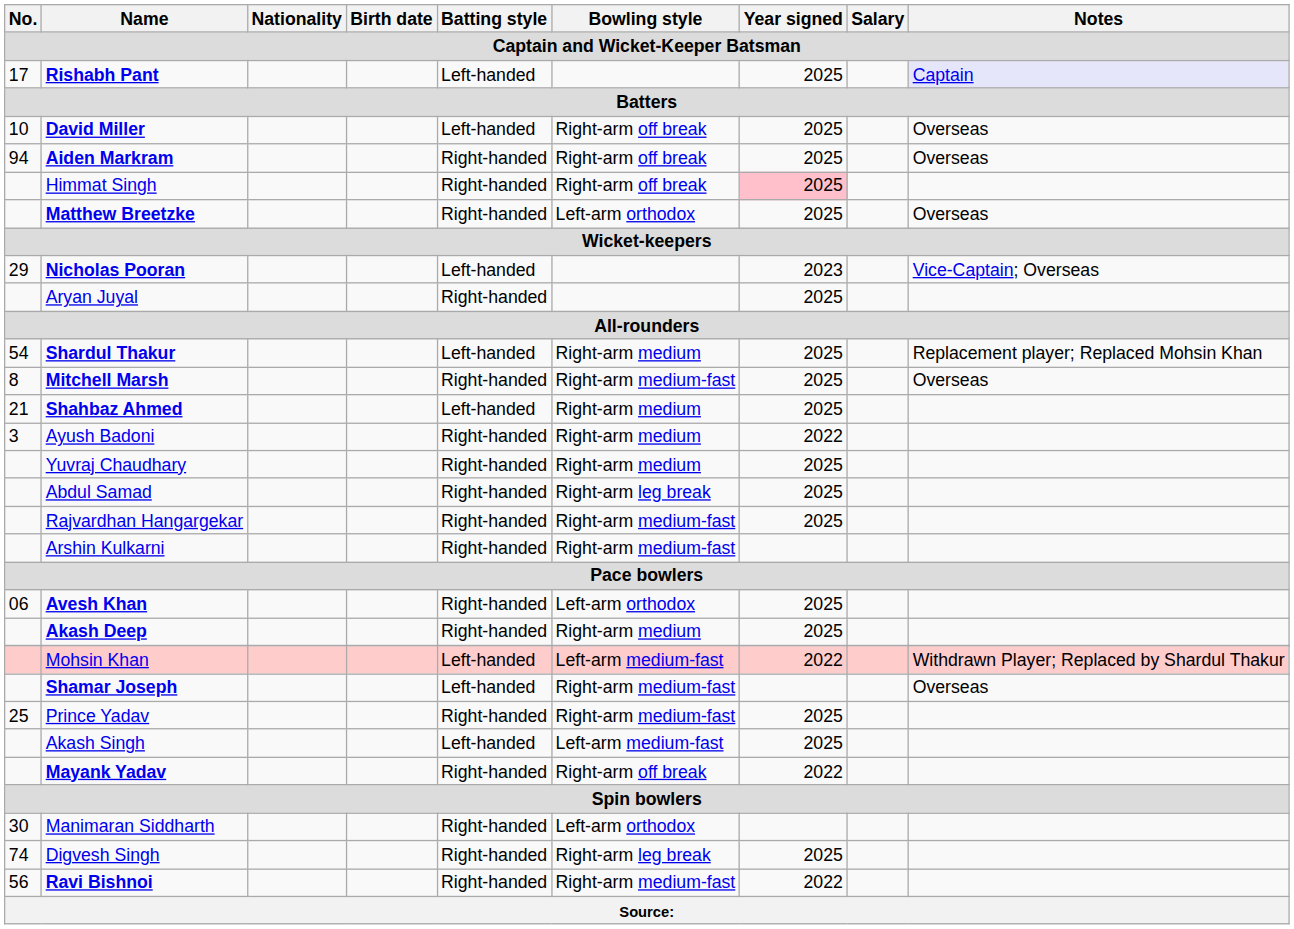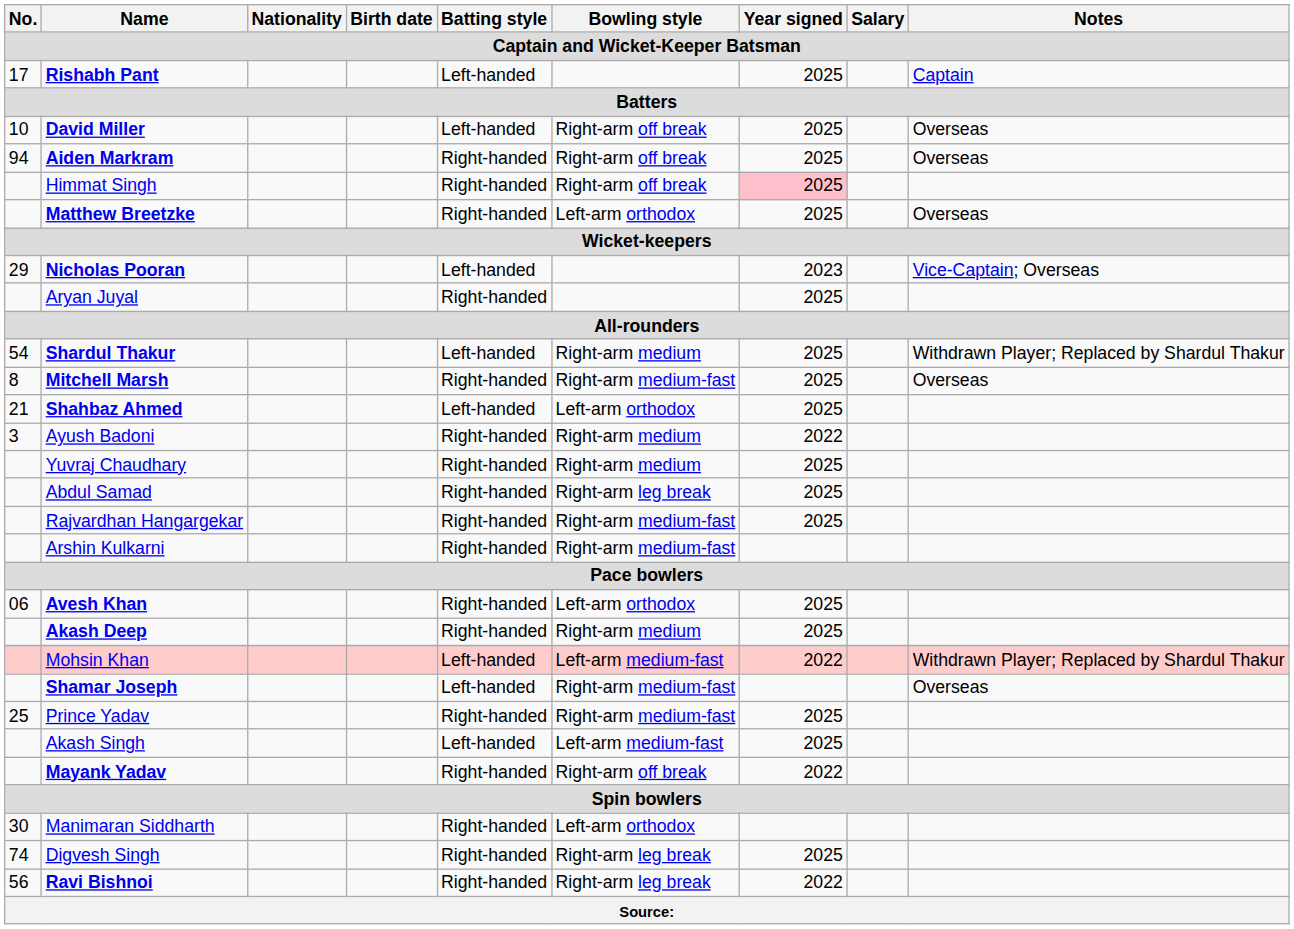 <table class="wikitable"  style="font-size:85%;">
 <tr>
 <th style="background:; color:; text-align:center;">No.</th>
 <th style="background:; color:; text-align:center;">Name</th>
 <th style="background:; color:; text-align:center;">Nationality</th>
 <th style="background:; color:; text-align:center;">Birth date</th>
 <th style="background:; color:; text-align:center;">Batting style</th>
 <th style="background:; color:; text-align:center;">Bowling style</th>
 <th style="background:; color:; text-align:center;">Year signed</th>
 <th style="background:; color:; text-align:center;">Salary</th>
 <th style="background:; color:; text-align:center;">Notes</th>
 </tr>
 <tr>
 <th colspan="9"  style="background:#dcdcdc; text-align:center;">Captain and Wicket-Keeper Batsman</th>
 </tr>
 <tr>
 <td>17</td>
 <td><strong><a href='#'>Rishabh Pant</a></strong></td>
 <td></td>
 <td></td>
 <td>Left-handed</td>
 <td></td>
 <td style="text-align:right;">2025</td>
 <td style="text-align:right;"></td>
-<td style="background: lavender;"><a href='#'>Captain</a></td>
+<td><a href='#'>Captain</a></td>
 </tr>
 <tr>
 <th colspan="9"  style="background:#dcdcdc; text-align:center;">Batters</th>
 </tr>
 <tr>
 <td>10</td>
 <td><strong><a href='#'>David Miller</a></strong></td>
 <td></td>
 <td></td>
 <td>Left-handed</td>
 <td>Right-arm <a href='#'>off break</a></td>
 <td style="text-align:right;">2025</td>
 <td style="text-align:right;"></td>
 <td>Overseas</td>
 </tr>
 <tr>
 <td>94</td>
 <td><strong><a href='#'>Aiden Markram</a></strong></td>
 <td></td>
 <td></td>
 <td>Right-handed</td>
 <td>Right-arm <a href='#'>off break</a></td>
 <td style="text-align:right;">2025</td>
 <td style="text-align:right;"></td>
 <td>Overseas</td>
 </tr>
 <tr>
 <td></td>
 <td><a href='#'>Himmat Singh</a></td>
 <td></td>
 <td></td>
 <td>Right-handed</td>
 <td>Right-arm <a href='#'>off break</a></td>
 <td style="background: pink; text-align:right;">2025</td>
 <td style="text-align:right;"></td>
 <td></td>
 </tr>
 <tr>
 <td></td>
 <td><strong><a href='#'>Matthew Breetzke</a></strong></td>
 <td></td>
 <td></td>
 <td>Right-handed</td>
 <td>Left-arm <a href='#'>orthodox</a></td>
 <td style="text-align:right;">2025</td>
 <td style="text-align:right;"></td>
 <td>Overseas</td>
 </tr>
 <tr>
 <th colspan="9" style="background:#dcdcdc; text-align:center">Wicket-keepers</th>
 </tr>
 <tr>
 <td>29</td>
 <td><strong><a href='#'>Nicholas Pooran</a></strong></td>
 <td></td>
 <td></td>
 <td>Left-handed</td>
 <td></td>
 <td style="text-align:right;">2023</td>
 <td style="text-align:right;"></td>
 <td><a href='#'>Vice-Captain</a>; Overseas</td>
 </tr>
 <tr>
 <td></td>
 <td><a href='#'>Aryan Juyal</a></td>
 <td></td>
 <td></td>
 <td>Right-handed</td>
 <td></td>
 <td style="text-align:right;">2025</td>
 <td style="text-align:right;"></td>
 <td></td>
 </tr>
 <tr>
 <th colspan="9" style="background:#dcdcdc; text-align:center">All-rounders</th>
 </tr>
 <tr>
 <td>54</td>
 <td><strong><a href='#'>Shardul Thakur</a></strong></td>
 <td></td>
 <td></td>
 <td>Left-handed</td>
 <td>Right-arm <a href='#'>medium</a></td>
 <td style="text-align:right;">2025</td>
 <td style="text-align:right;"></td>
-<td>Replacement player; Replaced Mohsin Khan</td>
+<td>Withdrawn Player; Replaced by Shardul Thakur</td>
 </tr>
 <tr>
 <td>8</td>
 <td><strong><a href='#'>Mitchell Marsh</a></strong></td>
 <td></td>
 <td></td>
 <td>Right-handed</td>
 <td>Right-arm <a href='#'>medium-fast</a></td>
 <td style="text-align:right;">2025</td>
 <td style="text-align:right;"></td>
 <td>Overseas</td>
 </tr>
 <tr>
 <td>21</td>
 <td><strong><a href='#'>Shahbaz Ahmed</a></strong></td>
 <td></td>
 <td></td>
 <td>Left-handed</td>
-<td>Right-arm <a href='#'>medium</a></td>
+<td>Left-arm <a href='#'>orthodox</a></td>
 <td style="text-align:right;">2025</td>
 <td style="text-align:right;"></td>
 <td></td>
 </tr>
 <tr>
 <td>3</td>
 <td><a href='#'>Ayush Badoni</a></td>
 <td></td>
 <td></td>
 <td>Right-handed</td>
 <td>Right-arm <a href='#'>medium</a></td>
 <td style="text-align:right;">2022</td>
 <td style="text-align:right;"></td>
 <td></td>
 </tr>
 <tr>
 <td></td>
 <td><a href='#'>Yuvraj Chaudhary</a></td>
 <td></td>
 <td></td>
 <td>Right-handed</td>
 <td>Right-arm <a href='#'>medium</a></td>
 <td style="text-align:right;">2025</td>
 <td style="text-align:right;"></td>
 <td></td>
 </tr>
 <tr>
 <td></td>
 <td><a href='#'>Abdul Samad</a></td>
 <td></td>
 <td></td>
 <td>Right-handed</td>
 <td>Right-arm <a href='#'>leg break</a></td>
 <td style="text-align:right;">2025</td>
 <td style="text-align:right;"></td>
 <td></td>
 </tr>
 <tr>
 <td></td>
 <td><a href='#'>Rajvardhan Hangargekar</a></td>
 <td></td>
 <td></td>
 <td>Right-handed</td>
 <td>Right-arm <a href='#'>medium-fast</a></td>
 <td style="text-align:right;">2025</td>
 <td style="text-align:right;"></td>
 <td></td>
 </tr>
 <tr>
 <td></td>
 <td><a href='#'>Arshin Kulkarni</a></td>
 <td></td>
 <td></td>
 <td>Right-handed</td>
 <td>Right-arm <a href='#'>medium-fast</a></td>
 <td style="text-align:right;"></td>
 <td style="text-align:right;"></td>
 <td></td>
 </tr>
 <tr>
 <th colspan="9"  style="background:#dcdcdc; text-align:center;">Pace bowlers</th>
 </tr>
 <tr>
 <td>06</td>
 <td><strong><a href='#'>Avesh Khan</a></strong></td>
 <td></td>
 <td></td>
 <td>Right-handed</td>
 <td>Left-arm <a href='#'>orthodox</a></td>
 <td style="text-align:right;">2025</td>
 <td style="text-align:right;"></td>
 <td></td>
 </tr>
 <tr>
 <td></td>
 <td><strong><a href='#'>Akash Deep</a></strong></td>
 <td></td>
 <td></td>
 <td>Right-handed</td>
 <td>Right-arm <a href='#'>medium</a></td>
 <td style="text-align:right;">2025</td>
 <td style="text-align:right;"></td>
 <td></td>
 </tr>
 <tr>
 </tr>
 <tr style="background:#FFCCCC">
 <td></td>
 <td><a href='#'>Mohsin Khan</a></td>
 <td></td>
 <td></td>
 <td>Left-handed</td>
 <td>Left-arm <a href='#'>medium-fast</a></td>
 <td style="text-align:right;">2022</td>
 <td style="text-align:right;"></td>
 <td>Withdrawn Player; Replaced by Shardul Thakur</td>
 </tr>
 <tr>
 <td></td>
 <td><strong><a href='#'>Shamar Joseph</a></strong></td>
 <td></td>
 <td></td>
 <td>Left-handed</td>
 <td>Right-arm <a href='#'>medium-fast</a></td>
 <td style="text-align:right;"></td>
 <td style="text-align:right;"></td>
 <td>Overseas</td>
 </tr>
 <tr>
 <td>25</td>
 <td><a href='#'>Prince Yadav</a></td>
 <td></td>
 <td></td>
 <td>Right-handed</td>
 <td>Right-arm <a href='#'>medium-fast</a></td>
 <td style="text-align:right;">2025</td>
 <td style="text-align:right;"></td>
 <td></td>
 </tr>
 <tr>
 <td></td>
 <td><a href='#'>Akash Singh</a></td>
 <td></td>
 <td></td>
 <td>Left-handed</td>
 <td>Left-arm <a href='#'>medium-fast</a></td>
 <td style="text-align:right;">2025</td>
 <td style="text-align:right;"></td>
 <td></td>
 </tr>
 <tr>
 <td></td>
 <td><strong><a href='#'>Mayank Yadav</a></strong></td>
 <td></td>
 <td></td>
 <td>Right-handed</td>
 <td>Right-arm <a href='#'>off break</a></td>
 <td style="text-align:right;">2022</td>
 <td style="text-align:right;"></td>
 <td></td>
 </tr>
 <tr>
 <th colspan="9"  style="background:#dcdcdc; text-align:center;">Spin bowlers</th>
 </tr>
 <tr>
 <td>30</td>
 <td><a href='#'>Manimaran Siddharth</a></td>
 <td></td>
 <td></td>
 <td>Right-handed</td>
 <td>Left-arm <a href='#'>orthodox</a></td>
 <td style="text-align:right;"></td>
 <td style="text-align:right;"></td>
 <td></td>
 </tr>
 <tr>
 <td>74</td>
 <td><a href='#'>Digvesh Singh</a></td>
 <td></td>
 <td></td>
 <td>Right-handed</td>
 <td>Right-arm <a href='#'>leg break</a></td>
 <td style="text-align:right;">2025</td>
 <td style="text-align:right;"></td>
 <td></td>
 </tr>
 <tr>
 <td>56</td>
 <td><strong><a href='#'>Ravi Bishnoi</a></strong></td>
 <td></td>
 <td></td>
 <td>Right-handed</td>
-<td>Right-arm <a href='#'>medium-fast</a></td>
+<td>Right-arm <a href='#'>leg break</a></td>
 <td style="text-align:right;">2022</td>
 <td style="text-align:right;"></td>
 <td></td>
 </tr>
 <tr>
 <th colspan="9" style="text-align:center;"><small>Source: </small></th>
 </tr>
 </table>
